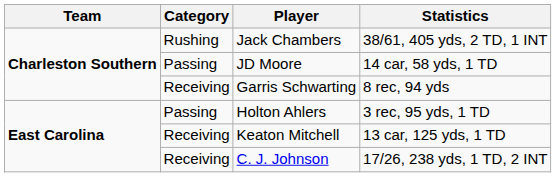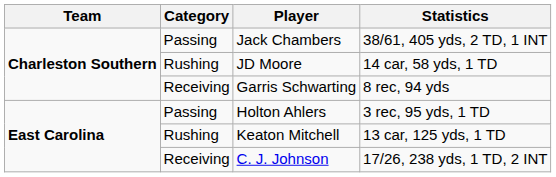 <table class="wikitable" style="float: left;">
 <tr>
 <th>Team</th>
 <th>Category</th>
 <th>Player</th>
 <th>Statistics</th>
 </tr>
 <tr>
 <td rowspan=3><strong>Charleston Southern</strong></td>
-<td>Rushing</td>
+<td>Passing</td>
 <td>Jack Chambers</td>
 <td>38/61, 405 yds, 2 TD, 1 INT</td>
 </tr>
 <tr>
-<td>Passing</td>
+<td>Rushing</td>
 <td>JD Moore</td>
 <td>14 car, 58 yds, 1 TD</td>
 </tr>
 <tr>
 <td>Receiving</td>
 <td>Garris Schwarting</td>
 <td>8 rec, 94 yds</td>
 </tr>
 <tr>
 <td rowspan=3><strong>East Carolina</strong></td>
 <td>Passing</td>
 <td>Holton Ahlers</td>
 <td>3 rec, 95 yds, 1 TD</td>
 </tr>
 <tr>
-<td>Receiving</td>
+<td>Rushing</td>
 <td>Keaton Mitchell</td>
 <td>13 car, 125 yds, 1 TD</td>
 </tr>
 <tr>
 <td>Receiving</td>
 <td><a href='#'>C. J. Johnson</a></td>
 <td>17/26, 238 yds, 1 TD, 2 INT</td>
 </tr>
 </table>
